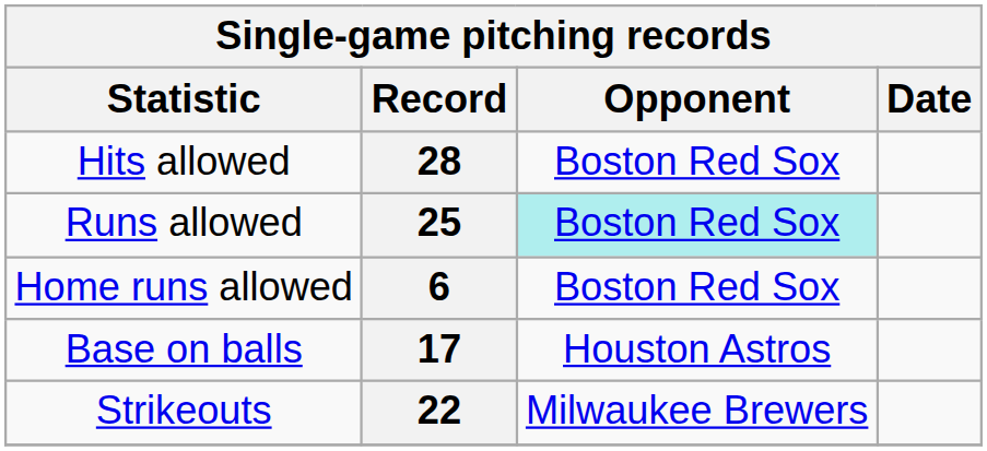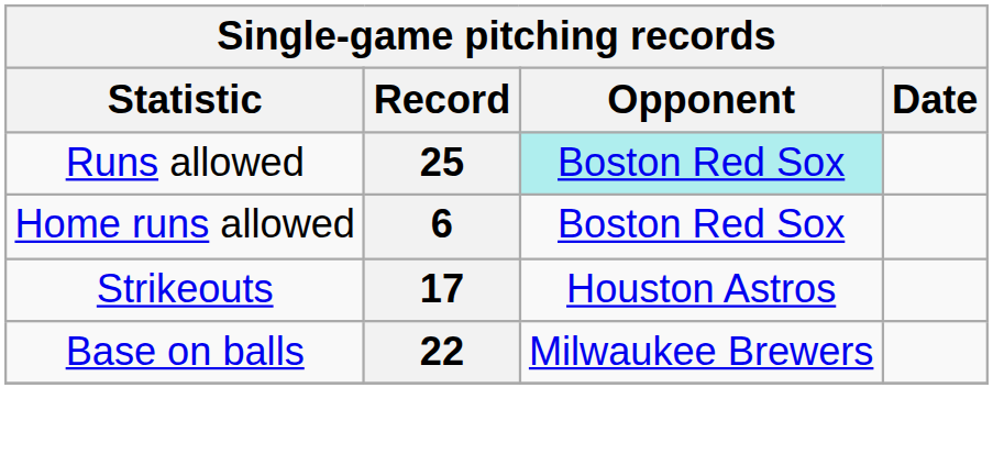 <table class="wikitable sortable" style="text-align:center">
 <tr>
 <th colspan=4>Single-game pitching records</th>
 </tr>
 <tr>
 <th scope="col">Statistic</th>
 <th scope="col" class="unsortable">Record</th>
 <th scope="col" class="unsortable">Opponent</th>
 <th scope="col">Date</th>
-</tr>
-<tr>
-<td><a href='#'>Hits</a> allowed</td>
-<th scope="row">28</th>
-<td><a href='#'>Boston Red Sox</a></td>
-<td></td>
 </tr>
 <tr>
 <td><a href='#'>Runs</a> allowed</td>
 <th scope="row">25</th>
 <td style="background: paleturquoise;"><a href='#'>Boston Red Sox</a></td>
 <td></td>
 </tr>
 <tr>
 <td><a href='#'>Home runs</a> allowed</td>
 <th scope="row">6</th>
 <td><a href='#'>Boston Red Sox</a></td>
 <td></td>
 </tr>
 <tr>
-<td><a href='#'>Base on balls</a></td>
+<td><a href='#'>Strikeouts</a></td>
 <th scope="row">17</th>
 <td><a href='#'>Houston Astros</a></td>
 <td></td>
 </tr>
 <tr>
-<td><a href='#'>Strikeouts</a></td>
+<td><a href='#'>Base on balls</a></td>
 <th scope="row">22</th>
 <td><a href='#'>Milwaukee Brewers</a></td>
 <td></td>
 </tr>
 <tr>
 </tr>
 </table>
